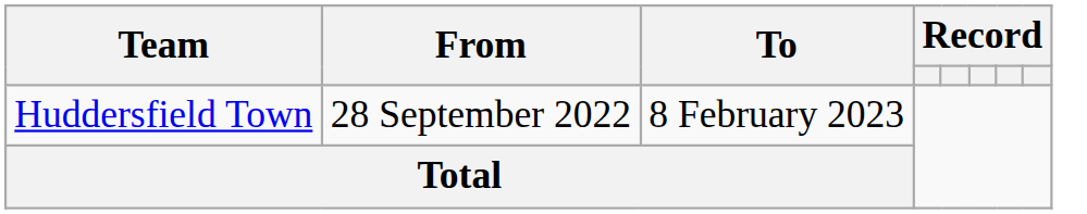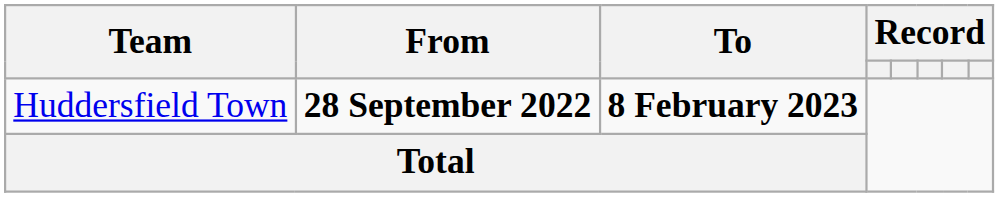 <table class=wikitable style=text-align:center>
 <tr>
 <th rowspan=2>Team</th>
 <th rowspan=2>From</th>
 <th rowspan=2>To</th>
 <th colspan=5>Record</th>
 </tr>
 <tr>
 <th></th>
 <th></th>
 <th></th>
 <th></th>
 <th></th>
 </tr>
 <tr>
 <td align=left><a href='#'>Huddersfield Town</a></td>
-<td align=left>28 September 2022</td>
-<td align=left>8 February 2023<br></td>
+<td align=left><strong>28 September 2022</strong></td>
+<td align=left><strong>8 February 2023<br></strong></td>
 </tr>
 <tr>
 <th colspan=3>Total<br></th>
 </tr>
 </table>
